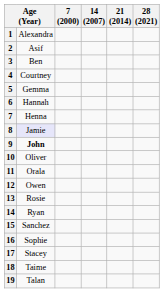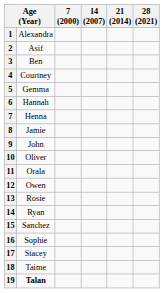 <table class="wikitable" style="text-align:center;font-size: 85%">
 <tr>
 <th colspan="2">Age<br>(Year)<br></th>
 <th>7 <br>(2000)</th>
 <th>14<br>(2007)</th>
 <th>21<br>(2014)</th>
 <th>28<br>(2021)</th>
 </tr>
 <tr>
 <th>1</th>
 <td>Alexandra</td>
 <td></td>
 <td></td>
 <td></td>
 <td></td>
 </tr>
 <tr>
 <th>2</th>
 <td>Asif</td>
 <td></td>
 <td></td>
 <td></td>
 <td></td>
 </tr>
 <tr>
 <th>3</th>
 <td>Ben</td>
 <td></td>
 <td></td>
 <td></td>
 <td></td>
 </tr>
 <tr>
 <th>4</th>
 <td>Courtney</td>
 <td></td>
 <td></td>
 <td></td>
 <td></td>
 </tr>
 <tr>
 <th>5</th>
 <td>Gemma</td>
 <td></td>
 <td></td>
 <td></td>
 <td></td>
 </tr>
 <tr>
 <th>6</th>
 <td>Hannah</td>
 <td></td>
 <td></td>
 <td></td>
 <td></td>
 </tr>
 <tr>
 <th>7</th>
 <td>Henna</td>
 <td></td>
 <td></td>
 <td></td>
 <td></td>
 </tr>
 <tr>
 <th>8</th>
-<td style="background: lavender;">Jamie</td>
+<td>Jamie</td>
 <td></td>
 <td></td>
 <td></td>
 <td></td>
 </tr>
 <tr>
 <th>9</th>
-<td><strong>John</strong></td>
+<td>John</td>
 <td></td>
 <td></td>
 <td></td>
 <td></td>
 </tr>
 <tr>
 <th>10</th>
 <td>Oliver</td>
 <td></td>
 <td></td>
 <td></td>
 <td></td>
 </tr>
 <tr>
 <th>11</th>
 <td>Orala</td>
 <td></td>
 <td></td>
 <td></td>
 <td></td>
 </tr>
 <tr>
 <th>12</th>
 <td>Owen</td>
 <td></td>
 <td></td>
 <td></td>
 <td></td>
 </tr>
 <tr>
 <th>13</th>
 <td>Rosie</td>
 <td></td>
 <td></td>
 <td></td>
 <td></td>
 </tr>
 <tr>
 <th>14</th>
 <td>Ryan</td>
 <td></td>
 <td></td>
 <td></td>
 <td></td>
 </tr>
 <tr>
 <th>15</th>
 <td>Sanchez</td>
 <td></td>
 <td></td>
 <td></td>
 <td></td>
 </tr>
 <tr>
 <th>16</th>
 <td>Sophie</td>
 <td></td>
 <td></td>
 <td></td>
 <td></td>
 </tr>
 <tr>
 <th>17</th>
 <td>Stacey</td>
 <td></td>
 <td></td>
 <td></td>
 <td></td>
 </tr>
 <tr>
 <th>18</th>
 <td>Taime</td>
 <td></td>
 <td></td>
 <td></td>
 <td></td>
 </tr>
 <tr>
 <th>19</th>
-<td>Talan</td>
+<td><strong>Talan</strong></td>
 <td></td>
 <td></td>
 <td></td>
 <td></td>
 </tr>
 </table>
